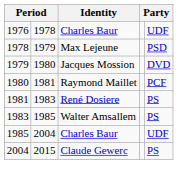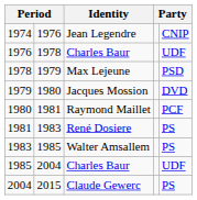 <table class="wikitable sortable">
 <tr>
 <th colspan="2">Period</th>
 <th>Identity</th>
 <th colspan="2">Party</th>
+</tr>
+<tr>
+<td>1974</td>
+<td>1976</td>
+<td>Jean Legendre</td>
+<td style="color:inherit;background:"></td>
+<td><a href='#'>CNIP</a></td>
 </tr>
 <tr>
 <td>1976</td>
 <td>1978</td>
 <td><a href='#'>Charles Baur</a></td>
 <td style="color:inherit;background:"></td>
 <td><a href='#'>UDF</a></td>
 </tr>
 <tr>
 <td>1978</td>
 <td>1979</td>
 <td>Max Lejeune</td>
 <td style="color:inherit;background:"></td>
 <td><a href='#'>PSD</a></td>
 </tr>
 <tr>
 <td>1979</td>
 <td>1980</td>
 <td>Jacques Mossion</td>
 <td style="color:inherit;background:"></td>
 <td><a href='#'>DVD</a></td>
 </tr>
 <tr>
 <td>1980</td>
 <td>1981</td>
 <td>Raymond Maillet</td>
 <td style="color:inherit;background:"></td>
 <td><a href='#'>PCF</a></td>
 </tr>
 <tr>
 <td>1981</td>
 <td>1983</td>
 <td><a href='#'>René Dosiere</a></td>
 <td style="color:inherit;background:"></td>
 <td><a href='#'>PS</a></td>
 </tr>
 <tr>
 <td>1983</td>
 <td>1985</td>
 <td>Walter Amsallem</td>
 <td style="color:inherit;background:"></td>
 <td><a href='#'>PS</a></td>
 </tr>
 <tr>
 <td>1985</td>
 <td>2004</td>
 <td><a href='#'>Charles Baur</a></td>
 <td style="color:inherit;background:"></td>
 <td><a href='#'>UDF</a></td>
 </tr>
 <tr>
 <td>2004</td>
 <td>2015</td>
 <td><a href='#'>Claude Gewerc</a></td>
 <td style="color:inherit;background:"></td>
 <td><a href='#'>PS</a></td>
 </tr>
 </table>
